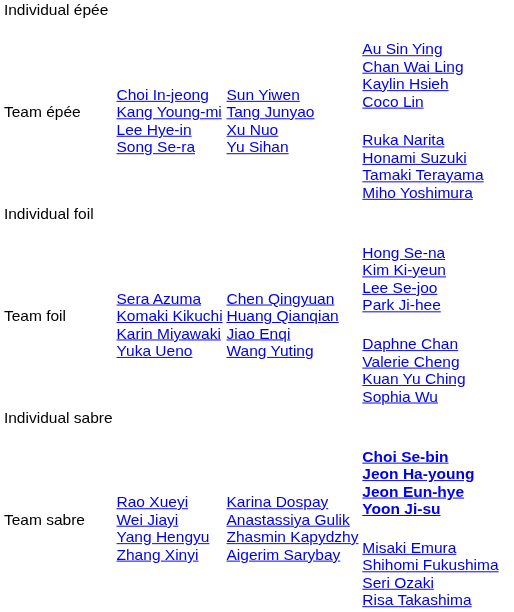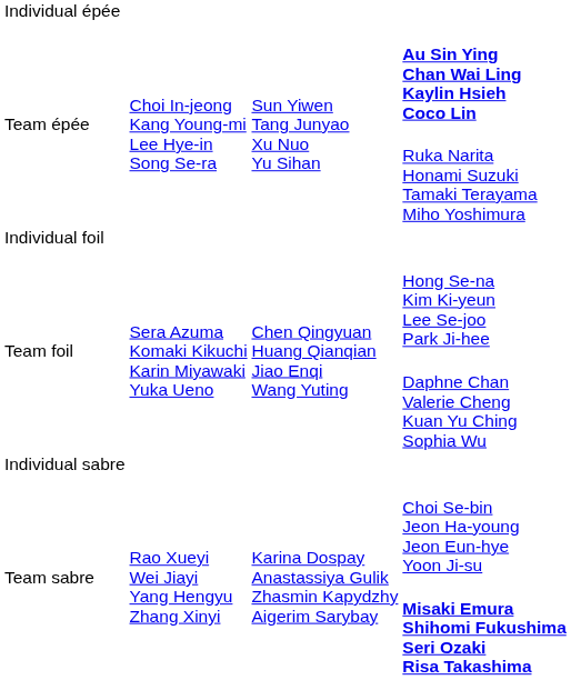 <table>
 <tr>
 <td rowspan=2>Individual épée</td>
 <td rowspan=2></td>
 <td rowspan=2></td>
 <td></td>
 </tr>
 <tr>
 <td></td>
 </tr>
 <tr>
 <td rowspan=2>Team épée</td>
 <td rowspan=2><br><a href='#'>Choi In-jeong</a><br><a href='#'>Kang Young-mi</a><br><a href='#'>Lee Hye-in</a><br><a href='#'>Song Se-ra</a></td>
 <td rowspan=2><br><a href='#'>Sun Yiwen</a><br><a href='#'>Tang Junyao</a><br><a href='#'>Xu Nuo</a><br><a href='#'>Yu Sihan</a></td>
-<td><br><a href='#'>Au Sin Ying</a><br><a href='#'>Chan Wai Ling</a><br><a href='#'>Kaylin Hsieh</a><br><a href='#'>Coco Lin</a></td>
+<td><strong><br><a href='#'>Au Sin Ying</a><br><a href='#'>Chan Wai Ling</a><br><a href='#'>Kaylin Hsieh</a><br><a href='#'>Coco Lin</a></strong></td>
 </tr>
 <tr>
 <td><br><a href='#'>Ruka Narita</a><br><a href='#'>Honami Suzuki</a><br><a href='#'>Tamaki Terayama</a><br><a href='#'>Miho Yoshimura</a></td>
 </tr>
 <tr>
 <td rowspan=2>Individual foil</td>
 <td rowspan=2></td>
 <td rowspan=2></td>
 <td></td>
 </tr>
 <tr>
 <td></td>
 </tr>
 <tr>
 <td rowspan=2>Team foil</td>
 <td rowspan=2><br><a href='#'>Sera Azuma</a><br><a href='#'>Komaki Kikuchi</a><br><a href='#'>Karin Miyawaki</a><br><a href='#'>Yuka Ueno</a></td>
 <td rowspan=2><br><a href='#'>Chen Qingyuan</a><br><a href='#'>Huang Qianqian</a><br><a href='#'>Jiao Enqi</a><br><a href='#'>Wang Yuting</a></td>
 <td><br><a href='#'>Hong Se-na</a><br><a href='#'>Kim Ki-yeun</a><br><a href='#'>Lee Se-joo</a><br><a href='#'>Park Ji-hee</a></td>
 </tr>
 <tr>
 <td><br><a href='#'>Daphne Chan</a><br><a href='#'>Valerie Cheng</a><br><a href='#'>Kuan Yu Ching</a><br><a href='#'>Sophia Wu</a></td>
 </tr>
 <tr>
 <td rowspan=2>Individual sabre</td>
 <td rowspan=2></td>
 <td rowspan=2></td>
 <td></td>
 </tr>
 <tr>
 <td></td>
 </tr>
 <tr>
 <td rowspan=2>Team sabre</td>
 <td rowspan=2><br><a href='#'>Rao Xueyi</a><br><a href='#'>Wei Jiayi</a><br><a href='#'>Yang Hengyu</a><br><a href='#'>Zhang Xinyi</a></td>
 <td rowspan=2><br><a href='#'>Karina Dospay</a><br><a href='#'>Anastassiya Gulik</a><br><a href='#'>Zhasmin Kapydzhy</a><br><a href='#'>Aigerim Sarybay</a></td>
-<td><strong><br><a href='#'>Choi Se-bin</a><br><a href='#'>Jeon Ha-young</a><br><a href='#'>Jeon Eun-hye</a><br><a href='#'>Yoon Ji-su</a></strong></td>
+<td><br><a href='#'>Choi Se-bin</a><br><a href='#'>Jeon Ha-young</a><br><a href='#'>Jeon Eun-hye</a><br><a href='#'>Yoon Ji-su</a></td>
 </tr>
 <tr>
-<td><br><a href='#'>Misaki Emura</a><br><a href='#'>Shihomi Fukushima</a><br><a href='#'>Seri Ozaki</a><br><a href='#'>Risa Takashima</a></td>
+<td><strong><br><a href='#'>Misaki Emura</a><br><a href='#'>Shihomi Fukushima</a><br><a href='#'>Seri Ozaki</a><br><a href='#'>Risa Takashima</a></strong></td>
 </tr>
 </table>
